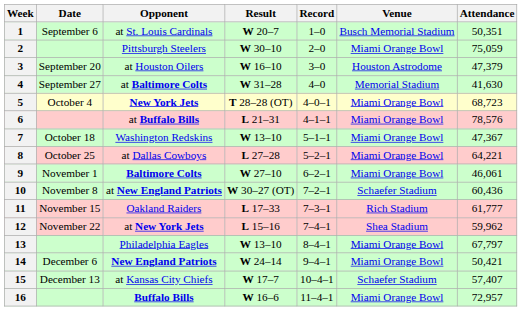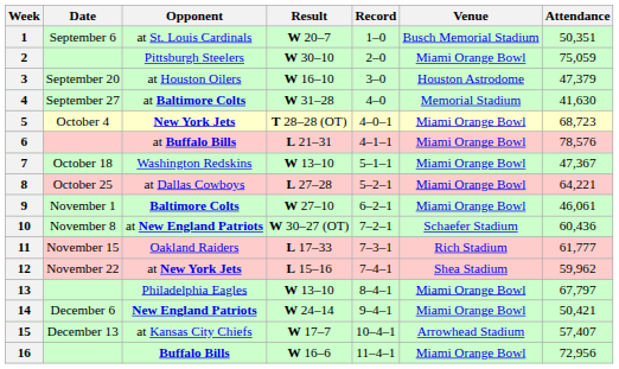 <table class="wikitable" style="text-align:center">
 <tr>
 <th>Week</th>
 <th>Date</th>
 <th>Opponent</th>
 <th>Result</th>
 <th>Record</th>
 <th>Venue</th>
 <th>Attendance</th>
 </tr>
 <tr style="background:#cfc">
 <th>1</th>
 <td>September 6</td>
 <td>at <a href='#'>St. Louis Cardinals</a></td>
 <td><strong>W</strong> 20–7</td>
 <td>1–0</td>
 <td><a href='#'>Busch Memorial Stadium</a></td>
 <td>50,351</td>
 </tr>
 <tr style="background:#cfc">
 <th>2</th>
 <td></td>
 <td><a href='#'>Pittsburgh Steelers</a></td>
 <td><strong>W</strong> 30–10</td>
 <td>2–0</td>
 <td><a href='#'>Miami Orange Bowl</a></td>
 <td>75,059</td>
 </tr>
 <tr style="background:#cfc">
 <th>3</th>
 <td>September 20</td>
 <td>at <a href='#'>Houston Oilers</a></td>
 <td><strong>W</strong> 16–10</td>
 <td>3–0</td>
 <td><a href='#'>Houston Astrodome</a></td>
 <td>47,379</td>
 </tr>
 <tr style="background:#cfc">
 <th>4</th>
 <td>September 27</td>
 <td>at <strong><a href='#'>Baltimore Colts</a></strong></td>
 <td><strong>W</strong> 31–28</td>
 <td>4–0</td>
 <td><a href='#'>Memorial Stadium</a></td>
 <td>41,630</td>
 </tr>
 <tr style="background:#ffc">
 <th>5</th>
 <td>October 4</td>
 <td><strong><a href='#'>New York Jets</a></strong></td>
 <td><strong>T</strong> 28–28 (OT)</td>
 <td>4–0–1</td>
 <td><a href='#'>Miami Orange Bowl</a></td>
 <td>68,723</td>
 </tr>
 <tr style="background:#fcc">
 <th>6</th>
 <td></td>
 <td>at <strong><a href='#'>Buffalo Bills</a></strong></td>
 <td><strong>L</strong> 21–31</td>
 <td>4–1–1</td>
 <td><a href='#'>Miami Orange Bowl</a></td>
 <td>78,576</td>
 </tr>
 <tr style="background:#cfc">
 <th>7</th>
 <td>October 18</td>
 <td><a href='#'>Washington Redskins</a></td>
 <td><strong>W</strong> 13–10</td>
 <td>5–1–1</td>
 <td><a href='#'>Miami Orange Bowl</a></td>
 <td>47,367</td>
 </tr>
 <tr style="background:#fcc">
 <th>8</th>
 <td>October 25</td>
 <td>at <a href='#'>Dallas Cowboys</a></td>
 <td><strong>L</strong> 27–28</td>
 <td>5–2–1</td>
 <td><a href='#'>Miami Orange Bowl</a></td>
 <td>64,221</td>
 </tr>
 <tr style="background:#cfc">
 <th>9</th>
 <td>November 1</td>
 <td><strong><a href='#'>Baltimore Colts</a></strong></td>
 <td><strong>W</strong> 27–10</td>
 <td>6–2–1</td>
 <td><a href='#'>Miami Orange Bowl</a></td>
 <td>46,061</td>
 </tr>
 <tr style="background:#cfc">
 <th>10</th>
 <td>November 8</td>
 <td>at <strong><a href='#'>New England Patriots</a></strong></td>
 <td><strong>W</strong> 30–27 (OT)</td>
 <td>7–2–1</td>
 <td><a href='#'>Schaefer Stadium</a></td>
 <td>60,436</td>
 </tr>
 <tr style="background:#fcc">
 <th>11</th>
 <td>November 15</td>
 <td><a href='#'>Oakland Raiders</a></td>
 <td><strong>L</strong> 17–33</td>
 <td>7–3–1</td>
 <td><a href='#'>Rich Stadium</a></td>
 <td>61,777</td>
 </tr>
 <tr style="background:#fcc">
 <th>12</th>
 <td>November 22</td>
 <td>at <strong><a href='#'>New York Jets</a></strong></td>
 <td><strong>L</strong> 15–16</td>
 <td>7–4–1</td>
 <td><a href='#'>Shea Stadium</a></td>
 <td>59,962</td>
 </tr>
 <tr style="background:#cfc">
 <th>13</th>
 <td></td>
 <td><a href='#'>Philadelphia Eagles</a></td>
 <td><strong>W</strong> 13–10</td>
 <td>8–4–1</td>
 <td><a href='#'>Miami Orange Bowl</a></td>
 <td>67,797</td>
 </tr>
 <tr style="background:#cfc">
 <th>14</th>
 <td>December 6</td>
 <td><strong><a href='#'>New England Patriots</a></strong></td>
 <td><strong>W</strong> 24–14</td>
 <td>9–4–1</td>
 <td><a href='#'>Miami Orange Bowl</a></td>
 <td>50,421</td>
 </tr>
 <tr style="background:#cfc">
 <th>15</th>
 <td>December 13</td>
 <td>at <a href='#'>Kansas City Chiefs</a></td>
 <td><strong>W</strong> 17–7</td>
 <td>10–4–1</td>
-<td><a href='#'>Schaefer Stadium</a></td>
+<td><a href='#'>Arrowhead Stadium</a></td>
 <td>57,407</td>
 </tr>
 <tr style="background:#cfc">
 <th>16</th>
 <td></td>
 <td><strong><a href='#'>Buffalo Bills</a></strong></td>
 <td><strong>W</strong> 16–6</td>
 <td>11–4–1</td>
 <td><a href='#'>Miami Orange Bowl</a></td>
-<td>72,957</td>
+<td>72,956</td>
 </tr>
 </table>
